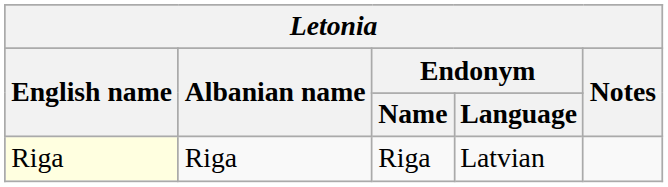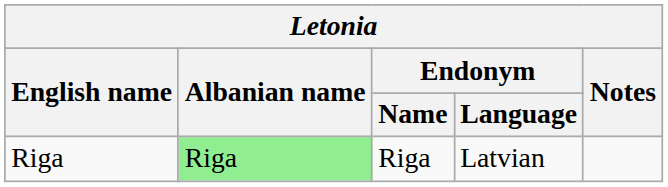 <table class="wikitable sortable">
 <tr>
 <th colspan="5"> <em>Letonia</em></th>
 </tr>
 <tr>
 <th rowspan="2">English name</th>
 <th rowspan="2">Albanian name</th>
 <th colspan="2">Endonym</th>
 <th rowspan="2">Notes</th>
 </tr>
 <tr>
 <th>Name</th>
 <th>Language</th>
 </tr>
 <tr>
-<td style="background: lightyellow;">Riga</td>
 <td>Riga</td>
+<td style="background: lightgreen;">Riga</td>
 <td>Riga</td>
 <td>Latvian</td>
 <td></td>
 </tr>
 </table>
